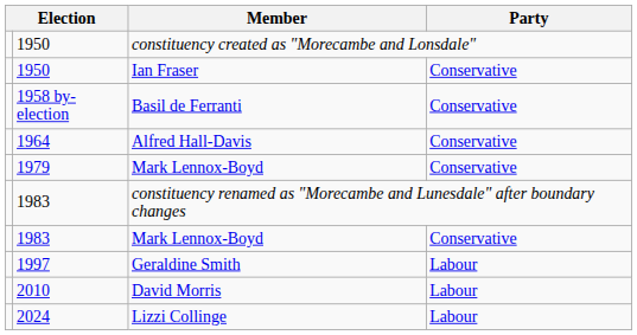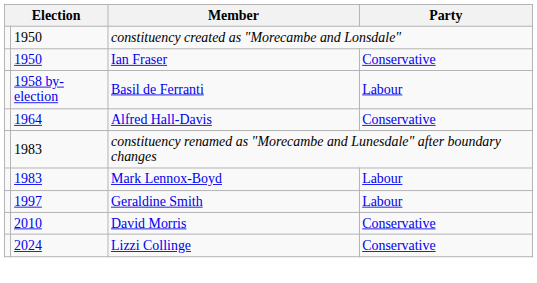 <table class="wikitable">
 <tr>
 <th colspan="2">Election</th>
 <th>Member</th>
 <th>Party</th>
 </tr>
 <tr>
 <td></td>
 <td>1950</td>
 <td colspan="2"><em>constituency created as "Morecambe and Lonsdale"</em></td>
 </tr>
 <tr>
 <td style="color:inherit;background-color: "></td>
 <td><a href='#'>1950</a></td>
 <td><a href='#'>Ian Fraser</a></td>
 <td><a href='#'>Conservative</a></td>
 </tr>
 <tr>
 <td style="color:inherit;background-color: "></td>
 <td><a href='#'>1958 by-election</a></td>
 <td><a href='#'>Basil de Ferranti</a></td>
-<td><a href='#'>Conservative</a></td>
+<td><a href='#'>Labour</a></td>
 </tr>
 <tr>
 <td style="color:inherit;background-color: "></td>
 <td><a href='#'>1964</a></td>
 <td><a href='#'>Alfred Hall-Davis</a></td>
-<td><a href='#'>Conservative</a></td>
-</tr>
-<tr>
-<td style="color:inherit;background-color: "></td>
-<td><a href='#'>1979</a></td>
-<td><a href='#'>Mark Lennox-Boyd</a></td>
 <td><a href='#'>Conservative</a></td>
 </tr>
 <tr>
 <td></td>
 <td>1983</td>
 <td colspan="2"><em>constituency renamed as "Morecambe and Lunesdale" after boundary changes</em></td>
 </tr>
 <tr>
 <td style="color:inherit;background-color: "></td>
 <td><a href='#'>1983</a></td>
 <td><a href='#'>Mark Lennox-Boyd</a></td>
-<td><a href='#'>Conservative</a></td>
+<td><a href='#'>Labour</a></td>
 </tr>
 <tr>
 <td style="color:inherit;background-color: "></td>
 <td><a href='#'>1997</a></td>
 <td><a href='#'>Geraldine Smith</a></td>
 <td><a href='#'>Labour</a></td>
 </tr>
 <tr>
 <td style="color:inherit;background-color: "></td>
 <td><a href='#'>2010</a></td>
 <td><a href='#'>David Morris</a></td>
-<td><a href='#'>Labour</a></td>
+<td><a href='#'>Conservative</a></td>
 </tr>
 <tr>
 <td style="color:inherit;background-color: "></td>
 <td><a href='#'>2024</a></td>
 <td><a href='#'>Lizzi Collinge</a></td>
-<td><a href='#'>Labour</a></td>
+<td><a href='#'>Conservative</a></td>
 </tr>
 </table>
